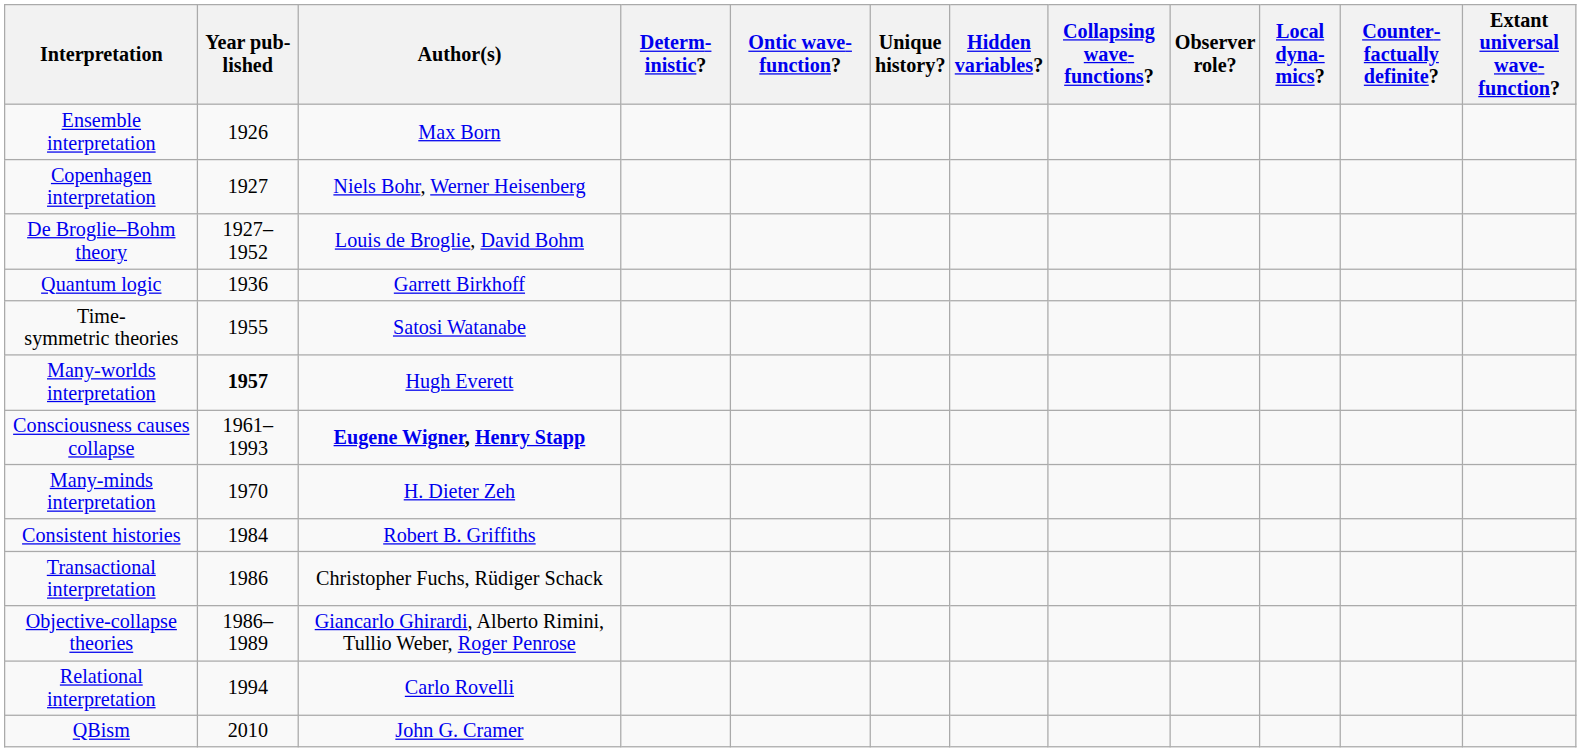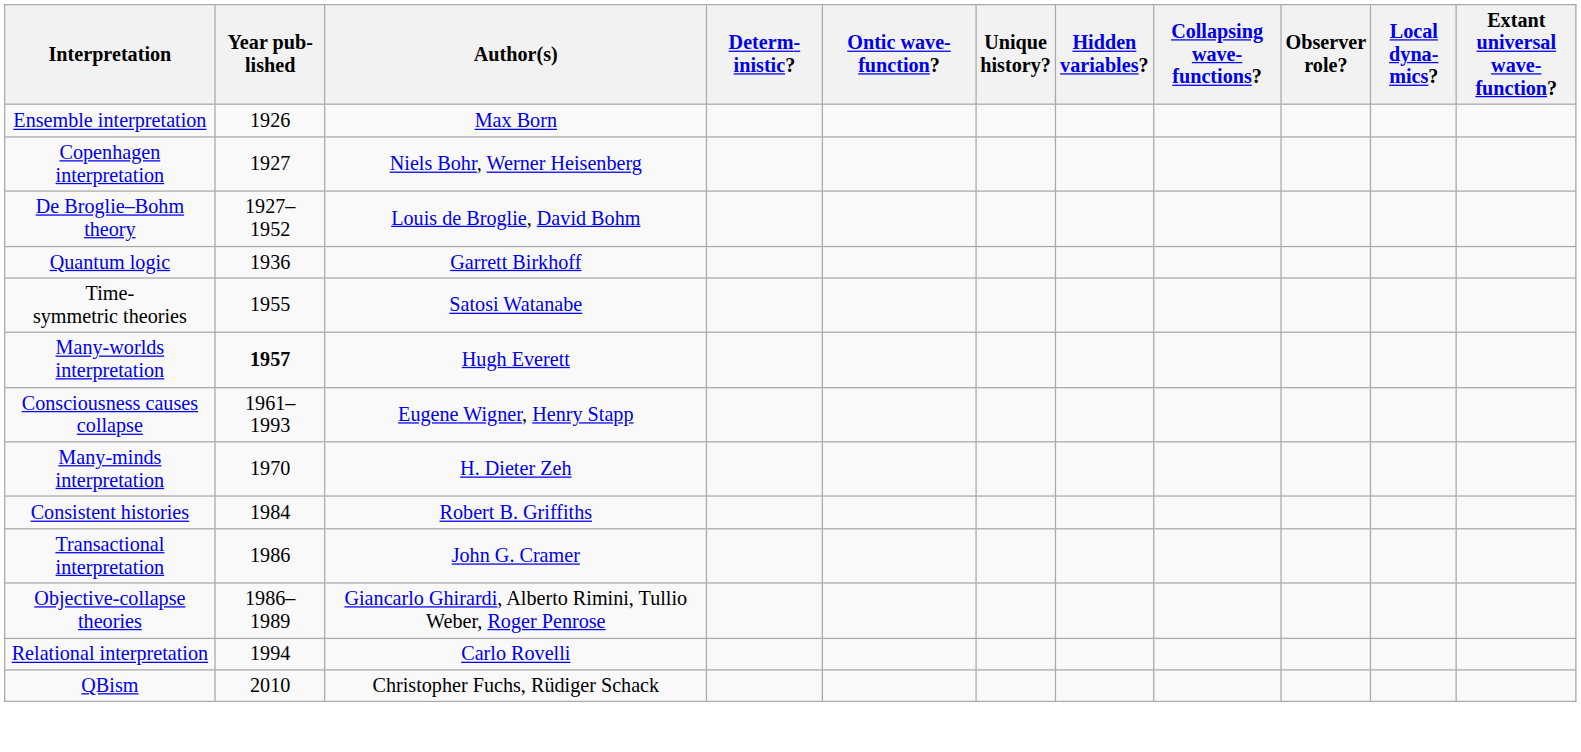 <table class="wikitable sortable" style="text-align:center;">
 <tr>
 <th>Interpre­tation</th>
 <th>Year pub­lished</th>
 <th>Author(s)</th>
 <th><a href='#'>Determ­inistic</a>?</th>
 <th><a href='#'>Ontic wave­function</a>?</th>
 <th>Unique <br>history?</th>
 <th><a href='#'>Hidden <br>variables</a>?</th>
 <th><a href='#'>Collapsing <br>wave­functions</a>?</th>
 <th>Observer <br>role?</th>
 <th><a href='#'>Local <br>dyna­mics</a>?</th>
-<th><a href='#'>Counter­factually <br>definite</a>?</th>
 <th>Extant <br><a href='#'>universal <br>wave­function</a>?</th>
 </tr>
 <tr>
 <td><a href='#'>Ensemble interpretation</a></td>
 <td>1926</td>
 <td><a href='#'>Max Born</a></td>
-<td></td>
 <td></td>
 <td></td>
 <td></td>
 <td></td>
 <td></td>
 <td></td>
 <td></td>
 <td></td>
 </tr>
 <tr>
 <td><a href='#'>Copenhagen interpretation</a></td>
 <td>1927</td>
 <td><a href='#'>Niels Bohr</a>, <a href='#'>Werner Heisenberg</a></td>
 <td></td>
 <td></td>
 <td></td>
 <td></td>
 <td></td>
 <td></td>
 <td></td>
 <td></td>
-<td></td>
 </tr>
 <tr>
 <td><a href='#'>De Broglie–Bohm theory</a></td>
 <td>1927–<br>1952</td>
 <td><a href='#'>Louis de Broglie</a>, <a href='#'>David Bohm</a></td>
-<td></td>
 <td></td>
 <td></td>
 <td></td>
 <td></td>
 <td></td>
 <td></td>
 <td></td>
 <td></td>
 </tr>
 <tr>
 <td><a href='#'>Quantum logic</a></td>
 <td>1936</td>
 <td><a href='#'>Garrett Birkhoff</a></td>
 <td></td>
 <td></td>
 <td></td>
 <td></td>
 <td></td>
 <td></td>
 <td></td>
 <td></td>
-<td></td>
 </tr>
 <tr>
 <td>Time-<br>symmetric theories</td>
 <td>1955</td>
 <td><a href='#'>Satosi Watanabe</a></td>
-<td></td>
 <td></td>
 <td></td>
 <td></td>
 <td></td>
 <td></td>
 <td></td>
 <td></td>
 <td></td>
 </tr>
 <tr>
 <td><a href='#'>Many-worlds interpretation</a></td>
 <td><strong>1957</strong></td>
 <td><a href='#'>Hugh Everett</a></td>
 <td></td>
 <td></td>
 <td></td>
 <td></td>
 <td></td>
 <td></td>
 <td></td>
 <td></td>
-<td></td>
 </tr>
 <tr>
 <td><a href='#'>Consciousness causes collapse</a></td>
 <td>1961–<br>1993</td>
-<td><strong><a href='#'>Eugene Wigner</a>, <a href='#'>Henry Stapp</a></strong></td>
-<td></td>
+<td><a href='#'>Eugene Wigner</a>, <a href='#'>Henry Stapp</a></td>
 <td></td>
 <td></td>
 <td></td>
 <td></td>
 <td></td>
 <td></td>
 <td></td>
 <td></td>
 </tr>
 <tr>
 <td><a href='#'>Many-minds interpretation</a></td>
 <td>1970</td>
 <td><a href='#'>H. Dieter Zeh</a></td>
 <td></td>
 <td></td>
 <td></td>
 <td></td>
 <td></td>
 <td></td>
 <td></td>
 <td></td>
-<td></td>
 </tr>
 <tr>
 <td><a href='#'>Consistent histories</a></td>
 <td>1984</td>
 <td><a href='#'>Robert B. Griffiths</a></td>
 <td></td>
 <td></td>
 <td></td>
 <td></td>
 <td></td>
 <td></td>
 <td></td>
 <td></td>
-<td></td>
 </tr>
 <tr>
 <td><a href='#'>Transactional interpretation</a></td>
 <td>1986</td>
-<td>Christopher Fuchs, Rüdiger Schack</td>
-<td></td>
+<td><a href='#'>John G. Cramer</a></td>
 <td></td>
 <td></td>
 <td></td>
 <td></td>
 <td></td>
 <td></td>
 <td></td>
 <td></td>
 </tr>
 <tr>
 <td><a href='#'>Objective-collapse theories</a></td>
 <td>1986–<br>1989</td>
 <td><a href='#'>Giancarlo Ghirardi</a>, Alberto Rimini, Tullio Weber, <a href='#'>Roger Penrose</a></td>
 <td></td>
 <td></td>
 <td></td>
 <td></td>
 <td></td>
 <td></td>
 <td></td>
 <td></td>
-<td></td>
 </tr>
 <tr>
 <td><a href='#'>Relational interpretation</a></td>
 <td>1994</td>
 <td><a href='#'>Carlo Rovelli</a></td>
 <td></td>
 <td></td>
 <td></td>
 <td></td>
 <td></td>
 <td></td>
 <td></td>
 <td></td>
-<td></td>
 </tr>
 <tr>
 <td><a href='#'>QBism</a></td>
 <td>2010</td>
-<td><a href='#'>John G. Cramer</a></td>
-<td></td>
+<td>Christopher Fuchs, Rüdiger Schack</td>
 <td></td>
 <td></td>
 <td></td>
 <td></td>
 <td></td>
 <td></td>
 <td></td>
 <td></td>
 </tr>
 </table>
